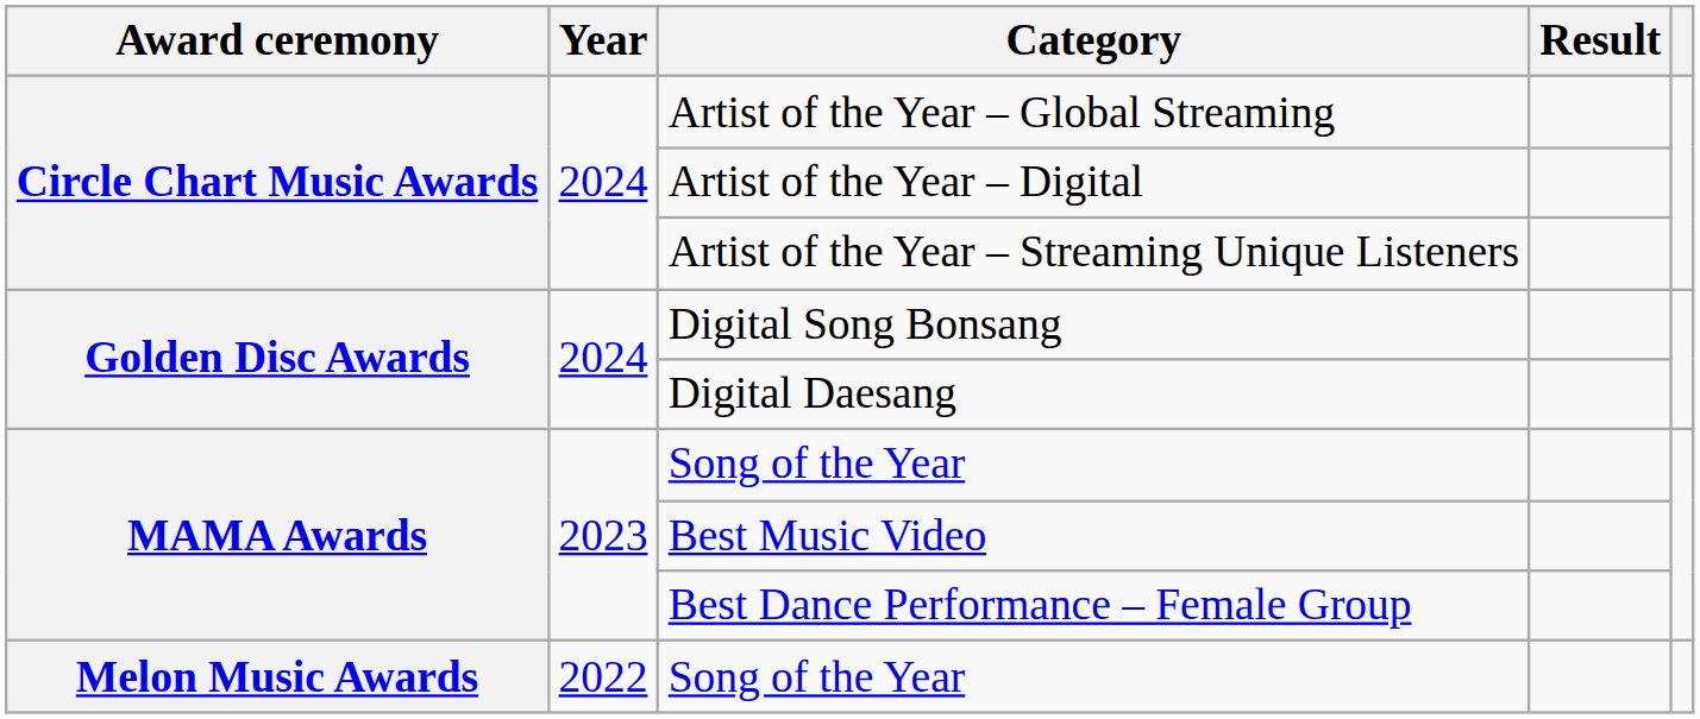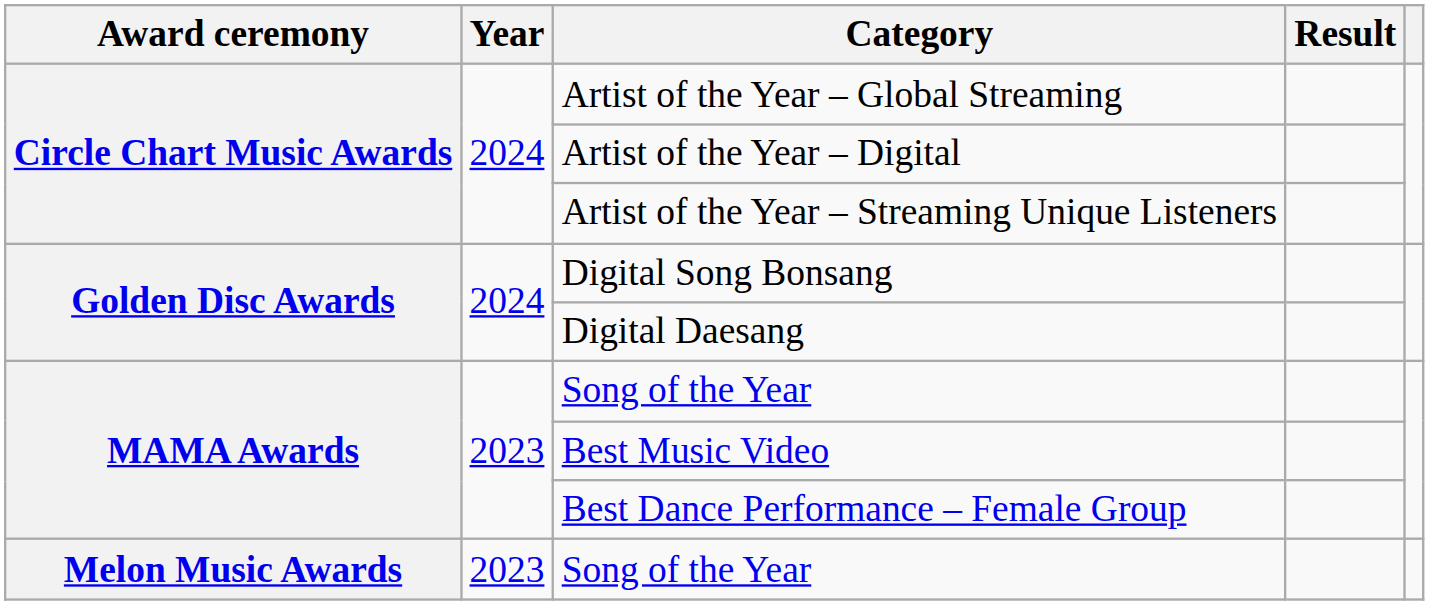 <table class="wikitable plainrowheaders sortable" style="text-align:center">
 <tr>
 <th scope="col">Award ceremony</th>
 <th scope="col">Year</th>
 <th scope="col">Category</th>
 <th scope="col">Result</th>
 <th scope="col" class="unsortable"></th>
 </tr>
 <tr>
 <th scope="row" rowspan="3"><a href='#'>Circle Chart Music Awards</a></th>
 <td rowspan="3"><a href='#'>2024</a></td>
 <td style="text-align:left">Artist of the Year – Global Streaming</td>
 <td></td>
 <td rowspan="3"></td>
 </tr>
 <tr>
 <td style="text-align:left">Artist of the Year – Digital</td>
 <td></td>
 </tr>
 <tr>
 <td style="text-align:left">Artist of the Year – Streaming Unique Listeners</td>
 <td></td>
 </tr>
 <tr>
 <th rowspan="2" scope="row"><a href='#'>Golden Disc Awards</a></th>
 <td rowspan="2" align="center"><a href='#'>2024</a></td>
 <td style="text-align:left">Digital Song Bonsang</td>
 <td></td>
 <td rowspan="2" align="center"></td>
 </tr>
 <tr>
 <td style="text-align:left">Digital Daesang</td>
 <td></td>
 </tr>
 <tr>
 <th rowspan="3" scope="row"><a href='#'>MAMA Awards</a></th>
 <td rowspan="3"><a href='#'>2023</a></td>
 <td style="text-align:left"><a href='#'>Song of the Year</a></td>
 <td></td>
 <td rowspan="3" style="text-align:center"></td>
 </tr>
 <tr>
 <td style="text-align:left"><a href='#'>Best Music Video</a></td>
 <td></td>
 </tr>
 <tr>
 <td style="text-align:left"><a href='#'>Best Dance Performance – Female Group</a></td>
 <td></td>
 </tr>
 <tr>
 <th scope="row"><a href='#'>Melon Music Awards</a></th>
-<td><a href='#'>2022</a></td>
+<td><a href='#'>2023</a></td>
 <td style="text-align:left"><a href='#'>Song of the Year</a></td>
 <td></td>
 <td></td>
 </tr>
 </table>
